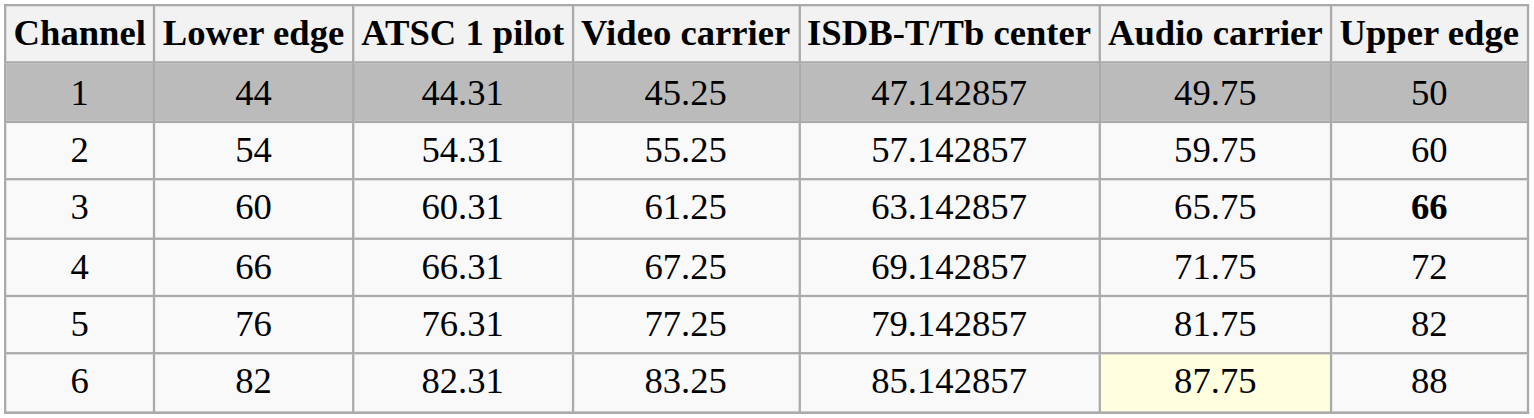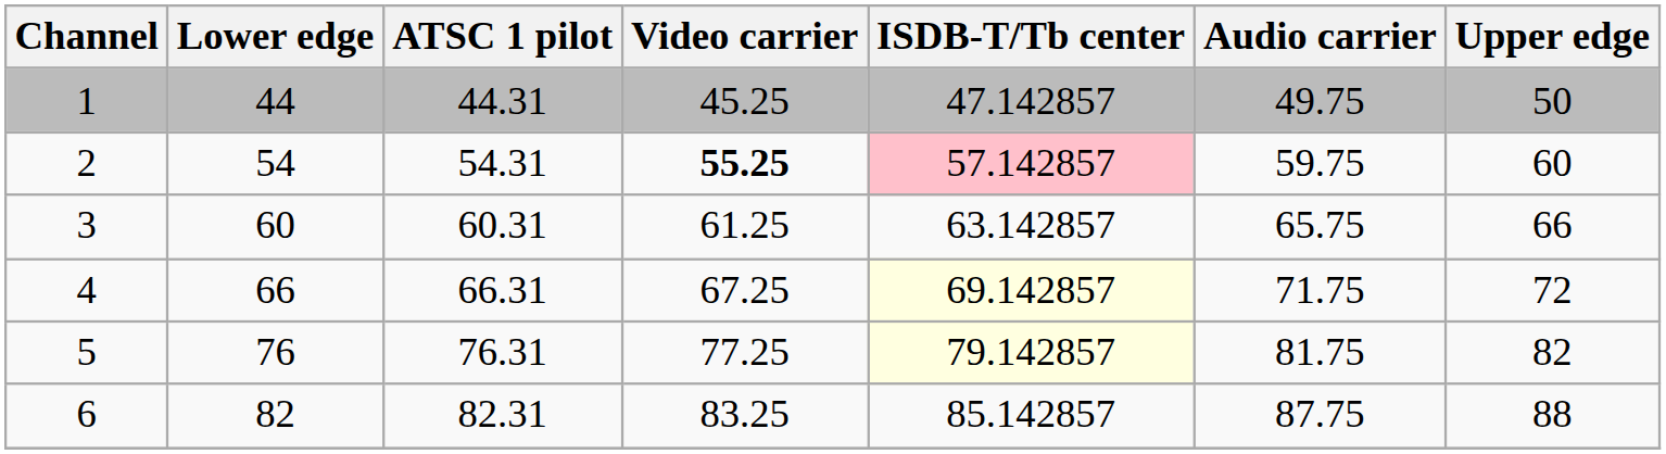 <table class="wikitable" style="text-align: center; border-collapse:collapse">
 <tr>
 <th>Channel</th>
 <th>Lower edge</th>
 <th>ATSC 1 pilot</th>
 <th>Video carrier</th>
 <th>ISDB-T/Tb center</th>
 <th>Audio carrier</th>
 <th>Upper edge</th>
 </tr>
 <tr bgcolor=#bbbbbb>
 <td>1</td>
 <td>44</td>
 <td>44.31</td>
 <td>45.25</td>
 <td>47.142857</td>
 <td>49.75</td>
 <td>50</td>
 </tr>
 <tr>
 <td>2</td>
 <td>54</td>
 <td>54.31</td>
-<td>55.25</td>
-<td>57.142857</td>
+<td><strong>55.25</strong></td>
+<td style="background: pink;">57.142857</td>
 <td>59.75</td>
 <td>60</td>
 </tr>
 <tr>
 <td>3</td>
 <td>60</td>
 <td>60.31</td>
 <td>61.25</td>
 <td>63.142857</td>
 <td>65.75</td>
-<td><strong>66</strong></td>
+<td>66</td>
 </tr>
 <tr>
 <td>4</td>
 <td>66</td>
 <td>66.31</td>
 <td>67.25</td>
-<td>69.142857</td>
+<td style="background: lightyellow;">69.142857</td>
 <td>71.75</td>
 <td>72</td>
 </tr>
 <tr>
 <td>5</td>
 <td>76</td>
 <td>76.31</td>
 <td>77.25</td>
-<td>79.142857</td>
+<td style="background: lightyellow;">79.142857</td>
 <td>81.75</td>
 <td>82</td>
 </tr>
 <tr>
 <td>6</td>
 <td>82</td>
 <td>82.31</td>
 <td>83.25</td>
 <td>85.142857</td>
-<td style="background: lightyellow;">87.75</td>
+<td>87.75</td>
 <td>88</td>
 </tr>
 <tr>
 </tr>
 </table>
